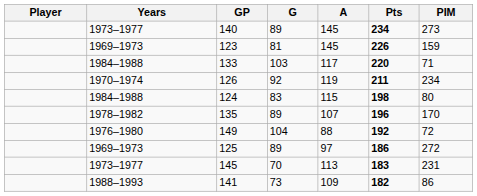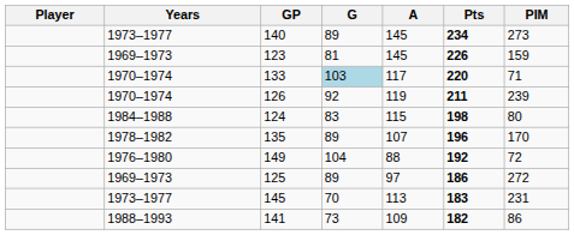 <table class="wikitable sortable" width ="700" cellpadding="1" border="1" cellspacing="0">
 <tr>
 <th>Player</th>
 <th>Years</th>
 <th>GP</th>
 <th>G</th>
 <th>A</th>
 <th>Pts</th>
 <th>PIM</th>
 </tr>
 <tr>
 <td></td>
 <td>1973–1977</td>
 <td>140</td>
 <td>89</td>
 <td>145</td>
 <td><strong>234</strong></td>
 <td>273</td>
 </tr>
 <tr>
 <td></td>
 <td>1969–1973</td>
 <td>123</td>
 <td>81</td>
 <td>145</td>
 <td><strong>226</strong></td>
 <td>159</td>
 </tr>
 <tr>
 <td></td>
-<td>1984–1988</td>
+<td>1970–1974</td>
 <td>133</td>
-<td>103</td>
+<td style="background: lightblue;">103</td>
 <td>117</td>
 <td><strong>220</strong></td>
 <td>71</td>
 </tr>
 <tr>
 <td></td>
 <td>1970–1974</td>
 <td>126</td>
 <td>92</td>
 <td>119</td>
 <td><strong>211</strong></td>
-<td>234</td>
+<td>239</td>
 </tr>
 <tr>
 <td></td>
 <td>1984–1988</td>
 <td>124</td>
 <td>83</td>
 <td>115</td>
 <td><strong>198</strong></td>
 <td>80</td>
 </tr>
 <tr>
 <td></td>
 <td>1978–1982</td>
 <td>135</td>
 <td>89</td>
 <td>107</td>
 <td><strong>196</strong></td>
 <td>170</td>
 </tr>
 <tr>
 <td></td>
 <td>1976–1980</td>
 <td>149</td>
 <td>104</td>
 <td>88</td>
 <td><strong>192</strong></td>
 <td>72</td>
 </tr>
 <tr>
 <td></td>
 <td>1969–1973</td>
 <td>125</td>
 <td>89</td>
 <td>97</td>
 <td><strong>186</strong></td>
 <td>272</td>
 </tr>
 <tr>
 <td></td>
 <td>1973–1977</td>
 <td>145</td>
 <td>70</td>
 <td>113</td>
 <td><strong>183</strong></td>
 <td>231</td>
 </tr>
 <tr>
 <td></td>
 <td>1988–1993</td>
 <td>141</td>
 <td>73</td>
 <td>109</td>
 <td><strong>182</strong></td>
 <td>86</td>
 </tr>
 </table>
